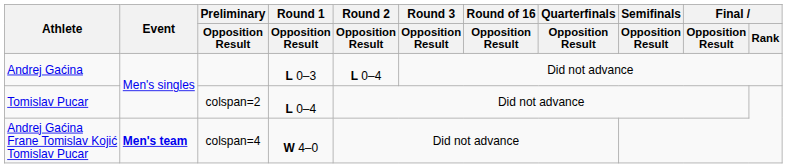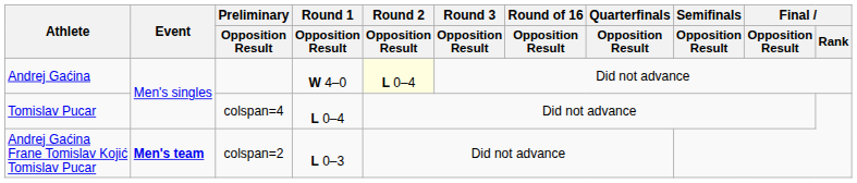 <table class="wikitable" style="font-size:90%;">
 <tr>
 <th rowspan=2>Athlete</th>
 <th rowspan=2>Event</th>
 <th>Preliminary</th>
 <th>Round 1</th>
 <th>Round 2</th>
 <th>Round 3</th>
 <th>Round of 16</th>
 <th>Quarterfinals</th>
 <th>Semifinals</th>
 <th colspan=2>Final / </th>
 </tr>
 <tr style="font-size:95%">
 <th>Opposition<br>Result</th>
 <th>Opposition<br>Result</th>
 <th>Opposition<br>Result</th>
 <th>Opposition<br>Result</th>
 <th>Opposition<br>Result</th>
 <th>Opposition<br>Result</th>
 <th>Opposition<br>Result</th>
 <th>Opposition<br>Result</th>
 <th>Rank</th>
 </tr>
 <tr align=center>
 <td align=left><a href='#'>Andrej Gaćina</a></td>
 <td align=left rowspan=2><a href='#'>Men's singles</a></td>
 <td></td>
-<td><br><strong>L</strong> 0–3</td>
-<td><br><strong>L</strong> 0–4</td>
+<td><br><strong>W</strong> 4–0</td>
+<td style="background: lightyellow;"><br><strong>L</strong> 0–4</td>
 <td colspan=6>Did not advance</td>
 </tr>
 <tr align=center>
 <td align=left><a href='#'>Tomislav Pucar</a></td>
-<td>colspan=2 </td>
+<td>colspan=4 </td>
 <td><br><strong>L</strong> 0–4</td>
 <td colspan=6>Did not advance</td>
 </tr>
 <tr align=center>
 <td align=left><a href='#'>Andrej Gaćina</a><br><a href='#'>Frane Tomislav Kojić</a><br><a href='#'>Tomislav Pucar</a></td>
 <td align=left><strong><a href='#'>Men's team</a></strong></td>
-<td>colspan=4 </td>
-<td><br><strong>W</strong> 4–0</td>
+<td>colspan=2 </td>
+<td><br><strong>L</strong> 0–3</td>
 <td colspan=4>Did not advance</td>
 </tr>
 </table>
